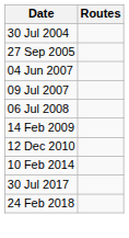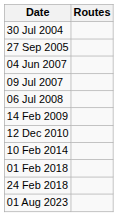 <table class=wikitable>
 <tr>
 <th>Date</th>
 <th>Routes</th>
 </tr>
 <tr>
 <td>30 Jul 2004</td>
 <td></td>
 </tr>
 <tr>
 <td>27 Sep 2005</td>
 <td><br>  </td>
 </tr>
 <tr>
 <td>04 Jun 2007</td>
 <td><br>  </td>
 </tr>
 <tr>
 <td>09 Jul 2007</td>
 <td><br>  </td>
 </tr>
 <tr>
 <td>06 Jul 2008</td>
 <td><br> </td>
 </tr>
 <tr>
 <td>14 Feb 2009</td>
 <td><br></td>
 </tr>
 <tr>
 <td>12 Dec 2010</td>
 <td><br></td>
 </tr>
 <tr>
 <td>10 Feb 2014</td>
 <td><br> </td>
 </tr>
 <tr>
-<td>30 Jul 2017</td>
-<td><br>   </td>
+<td>01 Feb 2018</td>
+<td><br>  </td>
 </tr>
 <tr>
 <td>24 Feb 2018</td>
 <td><br>  </td>
 </tr>
+<tr>
+<td>01 Aug 2023</td>
+<td><br>  </td>
+</tr>
 </table>
